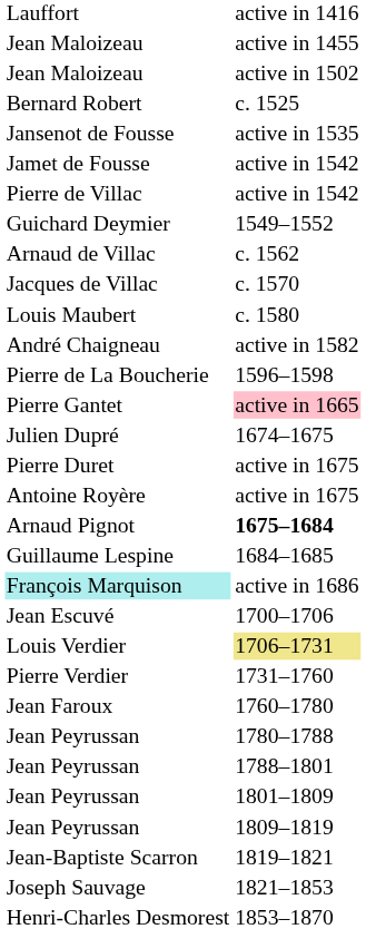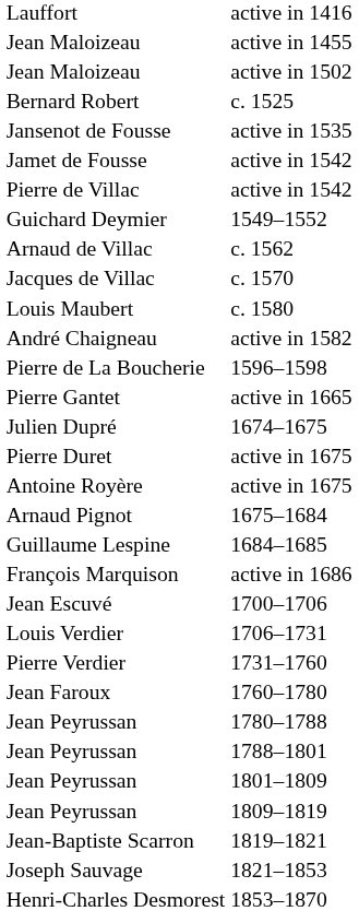 <table>
 <tr>
 <td>Lauffort</td>
 <td>active in 1416</td>
 </tr>
 <tr>
 <td>Jean Maloizeau</td>
 <td>active in 1455</td>
 </tr>
 <tr>
 <td>Jean Maloizeau</td>
 <td>active in 1502</td>
 </tr>
 <tr>
 <td>Bernard Robert</td>
 <td>c. 1525</td>
 </tr>
 <tr>
 <td>Jansenot de Fousse</td>
 <td>active in 1535</td>
 </tr>
 <tr>
 <td>Jamet de Fousse</td>
 <td>active in 1542</td>
 </tr>
 <tr>
 <td>Pierre de Villac</td>
 <td>active in 1542</td>
 </tr>
 <tr>
 <td>Guichard Deymier</td>
 <td>1549–1552</td>
 </tr>
 <tr>
 <td>Arnaud de Villac</td>
 <td>c. 1562</td>
 </tr>
 <tr>
 <td>Jacques de Villac</td>
 <td>c. 1570</td>
 </tr>
 <tr>
 <td>Louis Maubert</td>
 <td>c. 1580</td>
 </tr>
 <tr>
 <td>André Chaigneau</td>
 <td>active in 1582</td>
 </tr>
 <tr>
 <td>Pierre de La Boucherie</td>
 <td>1596–1598</td>
 </tr>
 <tr>
 <td>Pierre Gantet</td>
-<td style="background: pink;">active in 1665</td>
+<td>active in 1665</td>
 </tr>
 <tr>
 <td>Julien Dupré</td>
 <td>1674–1675</td>
 </tr>
 <tr>
 <td>Pierre Duret</td>
 <td>active in 1675</td>
 </tr>
 <tr>
 <td>Antoine Royère</td>
 <td>active in 1675</td>
 </tr>
 <tr>
 <td>Arnaud Pignot</td>
-<td><strong>1675–1684</strong></td>
+<td>1675–1684</td>
 </tr>
 <tr>
 <td>Guillaume Lespine</td>
 <td>1684–1685</td>
 </tr>
 <tr>
-<td style="background: paleturquoise;">François Marquison</td>
+<td>François Marquison</td>
 <td>active in 1686</td>
 </tr>
 <tr>
 <td>Jean Escuvé</td>
 <td>1700–1706</td>
 </tr>
 <tr>
 <td>Louis Verdier</td>
-<td style="background: khaki;">1706–1731</td>
+<td>1706–1731</td>
 </tr>
 <tr>
 <td>Pierre Verdier</td>
 <td>1731–1760</td>
 </tr>
 <tr>
 <td>Jean Faroux</td>
 <td>1760–1780</td>
 </tr>
 <tr>
 <td>Jean Peyrussan</td>
 <td>1780–1788</td>
 </tr>
 <tr>
 <td>Jean Peyrussan</td>
 <td>1788–1801</td>
 </tr>
 <tr>
 <td>Jean Peyrussan</td>
 <td>1801–1809</td>
 </tr>
 <tr>
 <td>Jean Peyrussan</td>
 <td>1809–1819</td>
 </tr>
 <tr>
 <td>Jean-Baptiste Scarron</td>
 <td>1819–1821</td>
 </tr>
 <tr>
 <td>Joseph Sauvage</td>
 <td>1821–1853</td>
 </tr>
 <tr>
 <td>Henri-Charles Desmorest</td>
 <td>1853–1870</td>
 </tr>
 </table>
